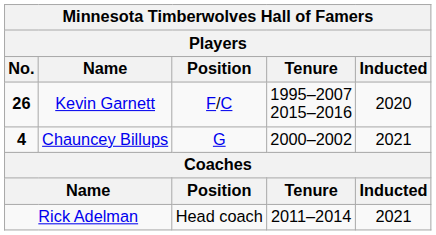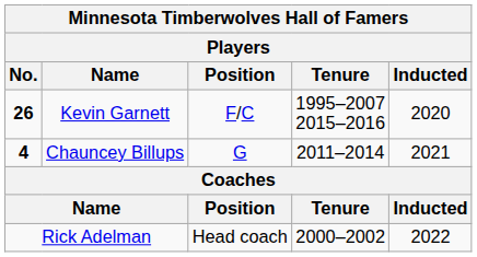 <table class="wikitable" style="text-align:center">
 <tr>
 <th colspan="5">Minnesota Timberwolves Hall of Famers</th>
 </tr>
 <tr>
 <th colspan="5">Players</th>
 </tr>
 <tr>
 <th>No.</th>
 <th>Name</th>
 <th>Position</th>
 <th>Tenure</th>
 <th>Inducted</th>
 </tr>
 <tr>
 <td><strong>26</strong></td>
 <td><a href='#'>Kevin Garnett</a></td>
 <td><a href='#'>F</a>/<a href='#'>C</a></td>
 <td>1995–2007<br>2015–2016</td>
 <td>2020</td>
 </tr>
 <tr>
 <td><strong>4</strong></td>
 <td><a href='#'>Chauncey Billups</a></td>
 <td><a href='#'>G</a></td>
-<td>2000–2002</td>
+<td>2011–2014</td>
 <td>2021</td>
 </tr>
 <tr>
 <th colspan="5">Coaches</th>
 </tr>
 <tr>
 <th colspan="2">Name</th>
 <th>Position</th>
 <th>Tenure</th>
 <th>Inducted</th>
 </tr>
 <tr>
 <td colspan="2"><a href='#'>Rick Adelman</a></td>
 <td>Head coach</td>
-<td>2011–2014</td>
-<td>2021</td>
+<td>2000–2002</td>
+<td>2022</td>
 </tr>
 </table>
